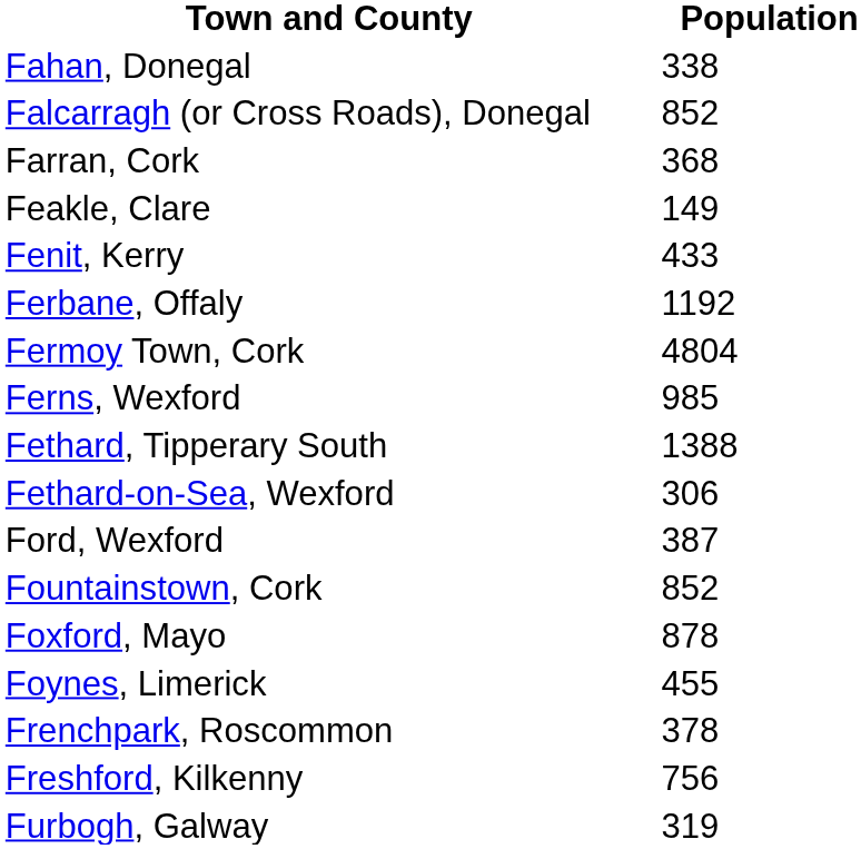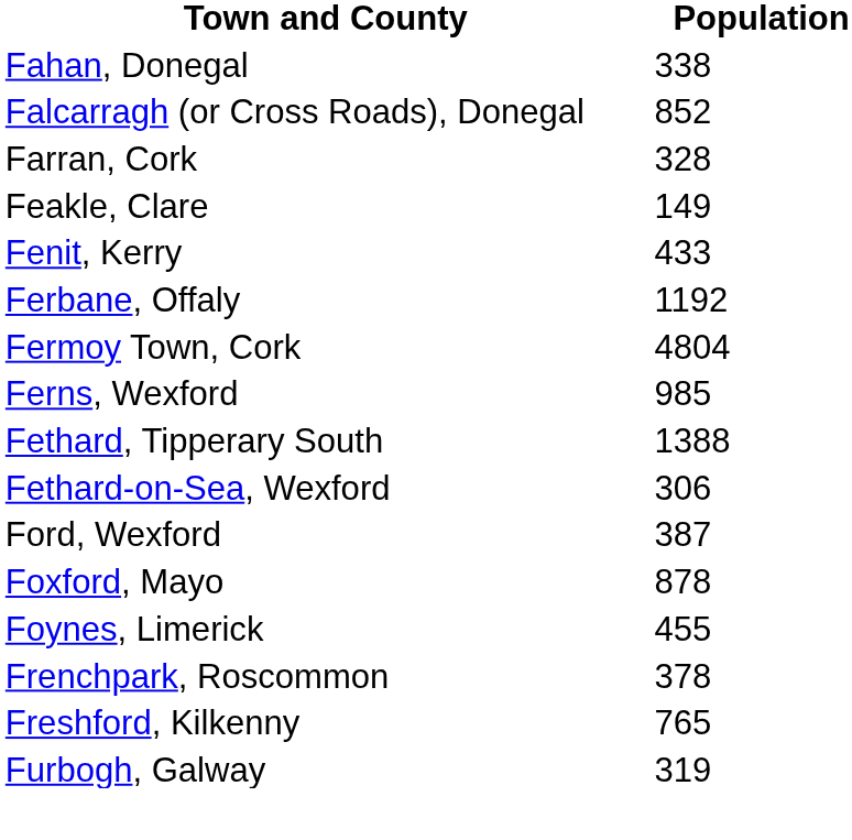 <table>
 <tr>
 <th style="width:300px;align:left;">Town and County</th>
 <th style="width:100px;align:right;">Population</th>
 </tr>
 <tr>
 <td><a href='#'>Fahan</a>, Donegal</td>
 <td>338</td>
 </tr>
 <tr>
 <td><a href='#'>Falcarragh</a> (or Cross Roads), Donegal</td>
 <td>852</td>
 </tr>
 <tr>
 <td>Farran, Cork</td>
-<td>368</td>
+<td>328</td>
 </tr>
 <tr>
 <td>Feakle, Clare</td>
 <td>149</td>
 </tr>
 <tr>
 <td><a href='#'>Fenit</a>, Kerry</td>
 <td>433</td>
 </tr>
 <tr>
 <td><a href='#'>Ferbane</a>, Offaly</td>
 <td>1192</td>
 </tr>
 <tr>
 <td><a href='#'>Fermoy</a> Town, Cork</td>
 <td>4804</td>
 </tr>
 <tr>
 <td><a href='#'>Ferns</a>, Wexford</td>
 <td>985</td>
 </tr>
 <tr>
 <td><a href='#'>Fethard</a>, Tipperary South</td>
 <td>1388</td>
 </tr>
 <tr>
 <td><a href='#'>Fethard-on-Sea</a>, Wexford</td>
 <td>306</td>
 </tr>
 <tr>
 <td>Ford, Wexford</td>
 <td>387</td>
 </tr>
 <tr>
-<td><a href='#'>Fountainstown</a>, Cork</td>
-<td>852</td>
-</tr>
-<tr>
 <td><a href='#'>Foxford</a>, Mayo</td>
 <td>878</td>
 </tr>
 <tr>
 <td><a href='#'>Foynes</a>, Limerick</td>
 <td>455</td>
 </tr>
 <tr>
 <td><a href='#'>Frenchpark</a>, Roscommon</td>
 <td>378</td>
 </tr>
 <tr>
 <td><a href='#'>Freshford</a>, Kilkenny</td>
-<td>756</td>
+<td>765</td>
 </tr>
 <tr>
 <td><a href='#'>Furbogh</a>, Galway</td>
 <td>319</td>
 </tr>
 </table>
